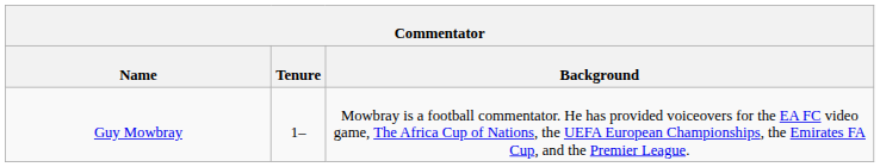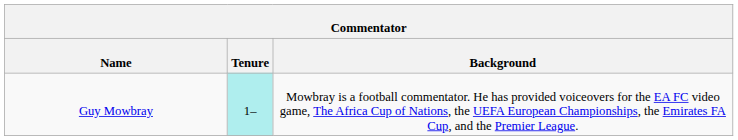 <table class="wikitable sortable">
 <tr>
 <th colspan=3><br>Commentator</th>
 </tr>
 <tr>
 <th style="width:275px"><br>Name</th>
 <th style="width:50px"><br>Tenure</th>
 <th style="width:575px"><br>Background</th>
 </tr>
 <tr>
 <td style="text-align:center"><br><a href='#'>Guy Mowbray</a></td>
-<td style="text-align:center"><br>1–</td>
+<td style="background: paleturquoise; text-align:center"><br>1–</td>
 <td style="text-align:center"><br>Mowbray is a football commentator.  He has provided voiceovers for the <a href='#'>EA FC</a> video game, <a href='#'>The Africa Cup of Nations</a>, the <a href='#'>UEFA European Championships</a>, the <a href='#'>Emirates FA Cup</a>, and the <a href='#'>Premier League</a>.</td>
 </tr>
 </table>
